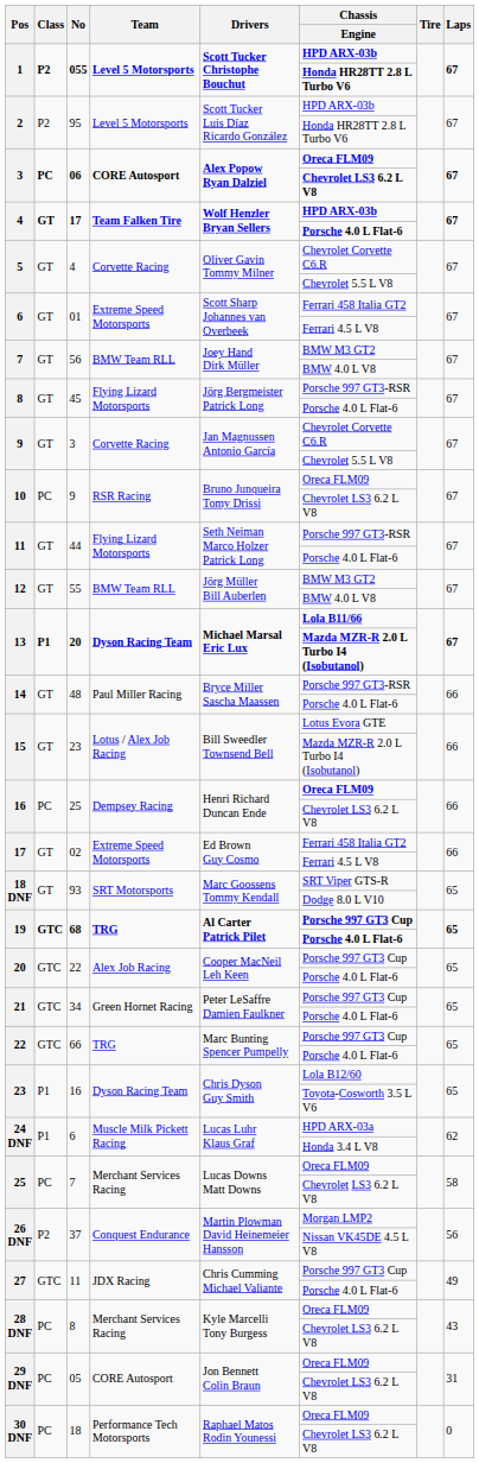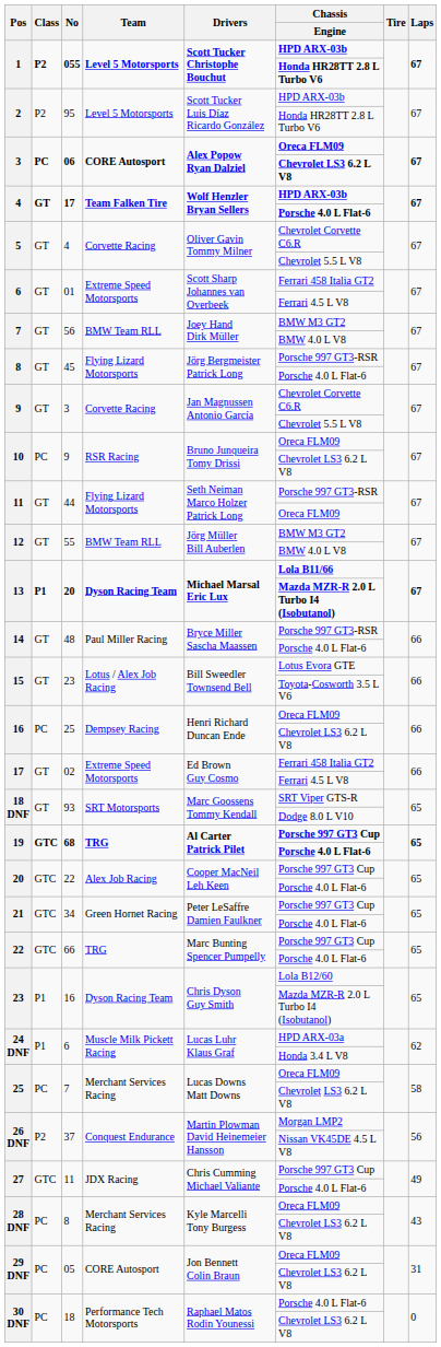 <table class="wikitable" style="font-size: 95%;">
 <tr>
 <th rowspan=2>Pos</th>
 <th rowspan=2>Class</th>
 <th rowspan=2>No</th>
 <th rowspan=2>Team</th>
 <th rowspan=2>Drivers</th>
 <th>Chassis</th>
 <th rowspan=2>Tire</th>
 <th rowspan=2>Laps</th>
 </tr>
 <tr>
 <th>Engine</th>
 </tr>
 <tr style="font-weight:bold">
 <th rowspan=2>1</th>
 <td rowspan=2>P2</td>
 <td rowspan=2>055</td>
 <td rowspan=2> <a href='#'>Level 5 Motorsports</a></td>
 <td rowspan=2> <a href='#'>Scott Tucker</a><br> <a href='#'>Christophe Bouchut</a></td>
 <td><a href='#'>HPD ARX-03b</a></td>
 <td rowspan=2></td>
 <td rowspan=2>67</td>
 </tr>
 <tr style="font-weight:bold">
 <td><a href='#'>Honda</a> HR28TT 2.8 L Turbo V6</td>
 </tr>
 <tr>
 <th rowspan=2>2</th>
 <td rowspan=2>P2</td>
 <td rowspan=2>95</td>
 <td rowspan=2> <a href='#'>Level 5 Motorsports</a></td>
 <td rowspan=2> <a href='#'>Scott Tucker</a><br> <a href='#'>Luis Díaz</a><br> <a href='#'>Ricardo González</a></td>
 <td><a href='#'>HPD ARX-03b</a></td>
 <td rowspan=2></td>
 <td rowspan=2>67</td>
 </tr>
 <tr>
 <td><a href='#'>Honda</a> HR28TT 2.8 L Turbo V6</td>
 </tr>
 <tr style="font-weight:bold">
 <th rowspan=2>3</th>
 <td rowspan=2>PC</td>
 <td rowspan=2>06</td>
 <td rowspan=2> CORE Autosport</td>
 <td rowspan=2> <a href='#'>Alex Popow</a><br> <a href='#'>Ryan Dalziel</a></td>
 <td><a href='#'>Oreca FLM09</a></td>
 <td rowspan=2></td>
 <td rowspan=2>67</td>
 </tr>
 <tr style="font-weight:bold">
 <td><a href='#'>Chevrolet LS3</a> 6.2 L V8</td>
 </tr>
 <tr style="font-weight:bold">
 <th rowspan=2>4</th>
 <td rowspan=2>GT</td>
 <td rowspan=2>17</td>
 <td rowspan=2> <a href='#'>Team Falken Tire</a></td>
 <td rowspan=2> <a href='#'>Wolf Henzler</a><br> <a href='#'>Bryan Sellers</a></td>
 <td><a href='#'>HPD ARX-03b</a></td>
 <td rowspan=2></td>
 <td rowspan=2>67</td>
 </tr>
 <tr style="font-weight:bold">
 <td><a href='#'>Porsche</a> 4.0 L Flat-6</td>
 </tr>
 <tr>
 <th rowspan=2>5</th>
 <td rowspan=2>GT</td>
 <td rowspan=2>4</td>
 <td rowspan=2> <a href='#'>Corvette Racing</a></td>
 <td rowspan=2> <a href='#'>Oliver Gavin</a><br> <a href='#'>Tommy Milner</a></td>
 <td><a href='#'>Chevrolet Corvette C6.R</a></td>
 <td rowspan=2></td>
 <td rowspan=2>67</td>
 </tr>
 <tr>
 <td><a href='#'>Chevrolet</a> 5.5 L V8</td>
 </tr>
 <tr>
 <th rowspan=2>6</th>
 <td rowspan=2>GT</td>
 <td rowspan=2>01</td>
 <td rowspan=2> <a href='#'>Extreme Speed Motorsports</a></td>
 <td rowspan=2> <a href='#'>Scott Sharp</a><br> <a href='#'>Johannes van Overbeek</a></td>
 <td><a href='#'>Ferrari 458 Italia GT2</a></td>
 <td rowspan=2></td>
 <td rowspan=2>67</td>
 </tr>
 <tr>
 <td><a href='#'>Ferrari</a> 4.5 L V8</td>
 </tr>
 <tr>
 <th rowspan=2>7</th>
 <td rowspan=2>GT</td>
 <td rowspan=2>56</td>
 <td rowspan=2> <a href='#'>BMW Team RLL</a></td>
 <td rowspan=2> <a href='#'>Joey Hand</a><br> <a href='#'>Dirk Müller</a></td>
 <td><a href='#'>BMW M3 GT2</a></td>
 <td rowspan=2></td>
 <td rowspan=2>67</td>
 </tr>
 <tr>
 <td><a href='#'>BMW</a> 4.0 L V8</td>
 </tr>
 <tr>
 <th rowspan=2>8</th>
 <td rowspan=2>GT</td>
 <td rowspan=2>45</td>
 <td rowspan=2> <a href='#'>Flying Lizard Motorsports</a></td>
 <td rowspan=2> <a href='#'>Jörg Bergmeister</a><br> <a href='#'>Patrick Long</a></td>
 <td><a href='#'>Porsche 997 GT3</a>-RSR</td>
 <td rowspan=2></td>
 <td rowspan=2>67</td>
 </tr>
 <tr>
 <td><a href='#'>Porsche</a> 4.0 L Flat-6</td>
 </tr>
 <tr>
 <th rowspan=2>9</th>
 <td rowspan=2>GT</td>
 <td rowspan=2>3</td>
 <td rowspan=2> <a href='#'>Corvette Racing</a></td>
 <td rowspan=2> <a href='#'>Jan Magnussen</a><br> <a href='#'>Antonio García</a></td>
 <td><a href='#'>Chevrolet Corvette C6.R</a></td>
 <td rowspan=2></td>
 <td rowspan=2>67</td>
 </tr>
 <tr>
 <td><a href='#'>Chevrolet</a> 5.5 L V8</td>
 </tr>
 <tr>
 <th rowspan=2>10</th>
 <td rowspan=2>PC</td>
 <td rowspan=2>9</td>
 <td rowspan=2> <a href='#'>RSR Racing</a></td>
 <td rowspan=2> <a href='#'>Bruno Junqueira</a><br> <a href='#'>Tomy Drissi</a></td>
 <td><a href='#'>Oreca FLM09</a></td>
 <td rowspan=2></td>
 <td rowspan=2>67</td>
 </tr>
 <tr>
 <td><a href='#'>Chevrolet LS3</a> 6.2 L V8</td>
 </tr>
 <tr>
 <th rowspan=2>11</th>
 <td rowspan=2>GT</td>
 <td rowspan=2>44</td>
 <td rowspan=2> <a href='#'>Flying Lizard Motorsports</a></td>
 <td rowspan=2> <a href='#'>Seth Neiman</a><br> <a href='#'>Marco Holzer</a><br> <a href='#'>Patrick Long</a></td>
 <td><a href='#'>Porsche 997 GT3</a>-RSR</td>
 <td rowspan=2></td>
 <td rowspan=2>67</td>
 </tr>
 <tr>
-<td><a href='#'>Porsche</a> 4.0 L Flat-6</td>
+<td><a href='#'>Oreca FLM09</a></td>
 </tr>
 <tr>
 <th rowspan=2>12</th>
 <td rowspan=2>GT</td>
 <td rowspan=2>55</td>
 <td rowspan=2> <a href='#'>BMW Team RLL</a></td>
 <td rowspan=2> <a href='#'>Jörg Müller</a><br> <a href='#'>Bill Auberlen</a></td>
 <td><a href='#'>BMW M3 GT2</a></td>
 <td rowspan=2></td>
 <td rowspan=2>67</td>
 </tr>
 <tr>
 <td><a href='#'>BMW</a> 4.0 L V8</td>
 </tr>
 <tr style="font-weight:bold">
 <th rowspan=2>13</th>
 <td rowspan=2>P1</td>
 <td rowspan=2>20</td>
 <td rowspan=2> <a href='#'>Dyson Racing Team</a></td>
 <td rowspan=2> Michael Marsal<br> <a href='#'>Eric Lux</a></td>
 <td><a href='#'>Lola B11/66</a></td>
 <td rowspan=2></td>
 <td rowspan=2>67</td>
 </tr>
 <tr style="font-weight:bold">
 <td><a href='#'>Mazda MZR-R</a> 2.0 L Turbo I4<br>(<a href='#'>Isobutanol</a>)</td>
 </tr>
 <tr>
 <th rowspan=2>14</th>
 <td rowspan=2>GT</td>
 <td rowspan=2>48</td>
 <td rowspan=2> Paul Miller Racing</td>
 <td rowspan=2> <a href='#'>Bryce Miller</a><br> <a href='#'>Sascha Maassen</a></td>
 <td><a href='#'>Porsche 997 GT3</a>-RSR</td>
 <td rowspan=2></td>
 <td rowspan=2>66</td>
 </tr>
 <tr>
 <td><a href='#'>Porsche</a> 4.0 L Flat-6</td>
 </tr>
 <tr>
 <th rowspan=2>15</th>
 <td rowspan=2>GT</td>
 <td rowspan=2>23</td>
 <td rowspan=2> <a href='#'>Lotus</a> / <a href='#'>Alex Job Racing</a></td>
 <td rowspan=2> Bill Sweedler<br> <a href='#'>Townsend Bell</a></td>
 <td><a href='#'>Lotus Evora</a> GTE</td>
 <td rowspan=2></td>
 <td rowspan=2>66</td>
 </tr>
 <tr>
-<td><a href='#'>Mazda MZR-R</a> 2.0 L Turbo I4<br>(<a href='#'>Isobutanol</a>)</td>
+<td><a href='#'>Toyota</a>-<a href='#'>Cosworth</a> 3.5 L V6</td>
 </tr>
 <tr>
 <th rowspan=2>16</th>
 <td rowspan=2>PC</td>
 <td rowspan=2>25</td>
 <td rowspan=2> <a href='#'>Dempsey Racing</a></td>
 <td rowspan=2> Henri Richard<br> Duncan Ende</td>
-<td><strong><a href='#'>Oreca FLM09</a></strong></td>
+<td><a href='#'>Oreca FLM09</a></td>
 <td rowspan=2></td>
 <td rowspan=2>66</td>
 </tr>
 <tr>
 <td><a href='#'>Chevrolet LS3</a> 6.2 L V8</td>
 </tr>
 <tr>
 <th rowspan=2>17</th>
 <td rowspan=2>GT</td>
 <td rowspan=2>02</td>
 <td rowspan=2> <a href='#'>Extreme Speed Motorsports</a></td>
 <td rowspan=2> Ed Brown<br> <a href='#'>Guy Cosmo</a></td>
 <td><a href='#'>Ferrari 458 Italia GT2</a></td>
 <td rowspan=2></td>
 <td rowspan=2>66</td>
 </tr>
 <tr>
 <td><a href='#'>Ferrari</a> 4.5 L V8</td>
 </tr>
 <tr>
 <th rowspan=2>18<br>DNF</th>
 <td rowspan=2>GT</td>
 <td rowspan=2>93</td>
 <td rowspan=2> <a href='#'>SRT Motorsports</a></td>
 <td rowspan=2> <a href='#'>Marc Goossens</a><br> <a href='#'>Tommy Kendall</a></td>
 <td><a href='#'>SRT Viper</a> GTS-R</td>
 <td rowspan=2></td>
 <td rowspan=2>65</td>
 </tr>
 <tr>
 <td><a href='#'>Dodge</a> 8.0 L V10</td>
 </tr>
 <tr style="font-weight:bold">
 <th rowspan=2>19</th>
 <td rowspan=2>GTC</td>
 <td rowspan=2>68</td>
 <td rowspan=2> <a href='#'>TRG</a></td>
 <td rowspan=2> Al Carter<br> <a href='#'>Patrick Pilet</a></td>
 <td><a href='#'>Porsche 997 GT3</a> Cup</td>
 <td rowspan=2></td>
 <td rowspan=2>65</td>
 </tr>
 <tr style="font-weight:bold">
 <td><a href='#'>Porsche</a> 4.0 L Flat-6</td>
 </tr>
 <tr>
 <th rowspan=2>20</th>
 <td rowspan=2>GTC</td>
 <td rowspan=2>22</td>
 <td rowspan=2> <a href='#'>Alex Job Racing</a></td>
 <td rowspan=2> <a href='#'>Cooper MacNeil</a><br> <a href='#'>Leh Keen</a></td>
 <td><a href='#'>Porsche 997 GT3</a> Cup</td>
 <td rowspan=2></td>
 <td rowspan=2>65</td>
 </tr>
 <tr>
 <td><a href='#'>Porsche</a> 4.0 L Flat-6</td>
 </tr>
 <tr>
 <th rowspan=2>21</th>
 <td rowspan=2>GTC</td>
 <td rowspan=2>34</td>
 <td rowspan=2> Green Hornet Racing</td>
 <td rowspan=2> Peter LeSaffre<br> <a href='#'>Damien Faulkner</a></td>
 <td><a href='#'>Porsche 997 GT3</a> Cup</td>
 <td rowspan=2></td>
 <td rowspan=2>65</td>
 </tr>
 <tr>
 <td><a href='#'>Porsche</a> 4.0 L Flat-6</td>
 </tr>
 <tr>
 <th rowspan=2>22</th>
 <td rowspan=2>GTC</td>
 <td rowspan=2>66</td>
 <td rowspan=2> <a href='#'>TRG</a></td>
 <td rowspan=2> Marc Bunting<br> <a href='#'>Spencer Pumpelly</a></td>
 <td><a href='#'>Porsche 997 GT3</a> Cup</td>
 <td rowspan=2></td>
 <td rowspan=2>65</td>
 </tr>
 <tr>
 <td><a href='#'>Porsche</a> 4.0 L Flat-6</td>
 </tr>
 <tr>
 <th rowspan=2>23</th>
 <td rowspan=2>P1</td>
 <td rowspan=2>16</td>
 <td rowspan=2> <a href='#'>Dyson Racing Team</a></td>
 <td rowspan=2> <a href='#'>Chris Dyson</a><br> <a href='#'>Guy Smith</a></td>
 <td><a href='#'>Lola B12/60</a></td>
 <td rowspan=2></td>
 <td rowspan=2>65</td>
 </tr>
 <tr>
-<td><a href='#'>Toyota</a>-<a href='#'>Cosworth</a> 3.5 L V6</td>
+<td><a href='#'>Mazda MZR-R</a> 2.0 L Turbo I4<br>(<a href='#'>Isobutanol</a>)</td>
 </tr>
 <tr>
 <th rowspan=2>24<br>DNF</th>
 <td rowspan=2>P1</td>
 <td rowspan=2>6</td>
 <td rowspan=2> <a href='#'>Muscle Milk Pickett Racing</a></td>
 <td rowspan=2> <a href='#'>Lucas Luhr</a><br> <a href='#'>Klaus Graf</a></td>
 <td><a href='#'>HPD ARX-03a</a></td>
 <td rowspan=2></td>
 <td rowspan=2>62</td>
 </tr>
 <tr>
 <td><a href='#'>Honda</a> 3.4 L V8</td>
 </tr>
 <tr>
 <th rowspan=2>25</th>
 <td rowspan=2>PC</td>
 <td rowspan=2>7</td>
 <td rowspan=2> Merchant Services Racing</td>
 <td rowspan=2> Lucas Downs<br> Matt Downs</td>
 <td><a href='#'>Oreca FLM09</a></td>
 <td rowspan=2></td>
 <td rowspan=2>58</td>
 </tr>
 <tr>
 <td><a href='#'>Chevrolet</a> <a href='#'>LS3</a> 6.2 L V8</td>
 </tr>
 <tr>
 <th rowspan=2>26<br>DNF</th>
 <td rowspan=2>P2</td>
 <td rowspan=2>37</td>
 <td rowspan=2> <a href='#'>Conquest Endurance</a></td>
 <td rowspan=2> <a href='#'>Martin Plowman</a><br> <a href='#'>David Heinemeier Hansson</a></td>
 <td><a href='#'>Morgan LMP2</a></td>
 <td rowspan=2></td>
 <td rowspan=2>56</td>
 </tr>
 <tr>
 <td><a href='#'>Nissan VK45DE</a> 4.5 L V8</td>
 </tr>
 <tr>
 <th rowspan=2>27</th>
 <td rowspan=2>GTC</td>
 <td rowspan=2>11</td>
 <td rowspan=2> JDX Racing</td>
 <td rowspan=2> Chris Cumming<br> <a href='#'>Michael Valiante</a></td>
 <td><a href='#'>Porsche 997 GT3</a> Cup</td>
 <td rowspan=2></td>
 <td rowspan=2>49</td>
 </tr>
 <tr>
 <td><a href='#'>Porsche</a> 4.0 L Flat-6</td>
 </tr>
 <tr>
 <th rowspan=2>28<br>DNF</th>
 <td rowspan=2>PC</td>
 <td rowspan=2>8</td>
 <td rowspan=2> Merchant Services Racing</td>
 <td rowspan=2> Kyle Marcelli<br> Tony Burgess</td>
 <td><a href='#'>Oreca FLM09</a></td>
 <td rowspan=2></td>
 <td rowspan=2>43</td>
 </tr>
 <tr>
 <td><a href='#'>Chevrolet LS3</a> 6.2 L V8</td>
 </tr>
 <tr>
 <th rowspan=2>29<br>DNF</th>
 <td rowspan=2>PC</td>
 <td rowspan=2>05</td>
 <td rowspan=2> CORE Autosport</td>
 <td rowspan=2> Jon Bennett<br> <a href='#'>Colin Braun</a></td>
 <td><a href='#'>Oreca FLM09</a></td>
 <td rowspan=2></td>
 <td rowspan=2>31</td>
 </tr>
 <tr>
 <td><a href='#'>Chevrolet LS3</a> 6.2 L V8</td>
 </tr>
 <tr>
 <th rowspan=2>30<br>DNF</th>
 <td rowspan=2>PC</td>
 <td rowspan=2>18</td>
 <td rowspan=2> Performance Tech Motorsports</td>
 <td rowspan=2> <a href='#'>Raphael Matos</a><br> <a href='#'>Rodin Younessi</a></td>
-<td><a href='#'>Oreca FLM09</a></td>
+<td><a href='#'>Porsche</a> 4.0 L Flat-6</td>
 <td rowspan=2></td>
 <td rowspan=2>0</td>
 </tr>
 <tr>
 <td><a href='#'>Chevrolet LS3</a> 6.2 L V8</td>
 </tr>
 </table>
